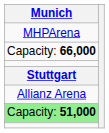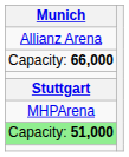 <table class="wikitable" style="text-align:center">
 <tr>
 <th><a href='#'>Munich</a></th>
 <th colspan="3" rowspan="8"></th>
 </tr>
 <tr>
-<td><a href='#'>MHPArena</a></td>
+<td><a href='#'>Allianz Arena</a></td>
 </tr>
 <tr>
 <td>Capacity: <strong>66,000</strong></td>
 </tr>
 <tr>
 <td></td>
 </tr>
 <tr>
 <th><a href='#'>Stuttgart</a></th>
 </tr>
 <tr>
-<td><a href='#'>Allianz Arena</a></td>
+<td><a href='#'>MHPArena</a></td>
 </tr>
 <tr>
 <td style="background: lightgreen;">Capacity: <strong>51,000</strong></td>
 </tr>
 <tr>
 <td></td>
 </tr>
 </table>
